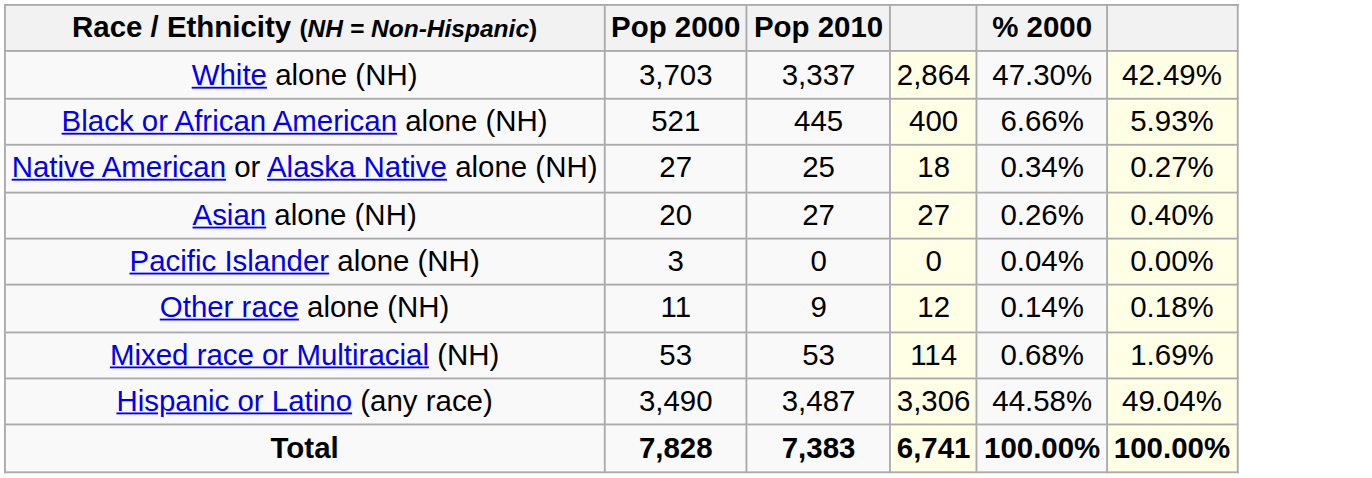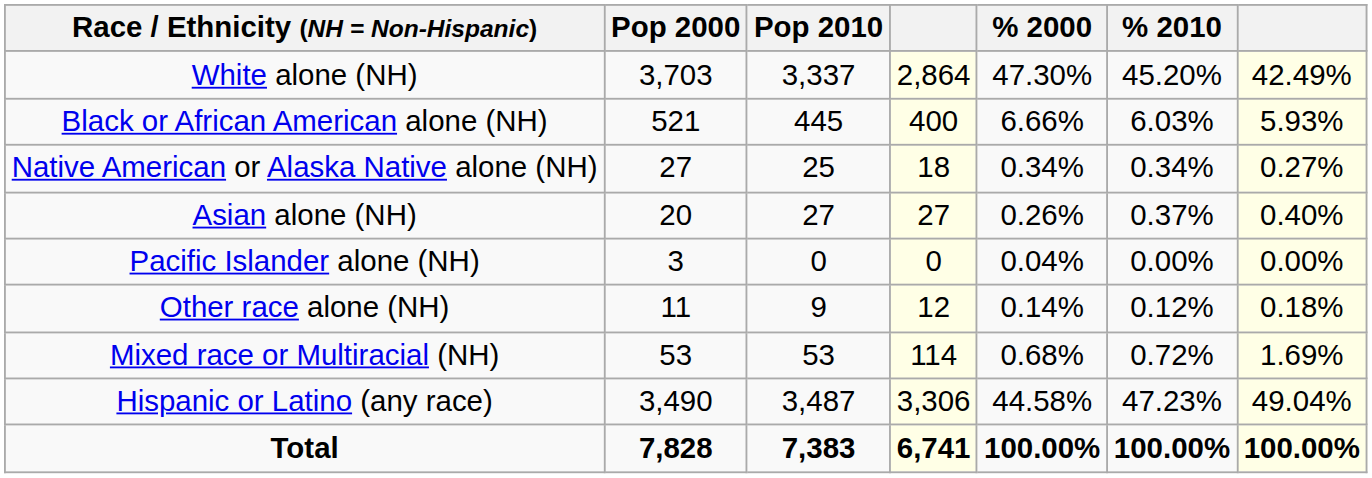 <table class="wikitable" style="text-align:center;">
 <tr>
 <th>Race / Ethnicity <small>(<em>NH = Non-Hispanic</em>)</small></th>
 <th>Pop 2000</th>
 <th>Pop 2010</th>
 <th></th>
 <th>% 2000</th>
+<th>% 2010</th>
 <th></th>
 </tr>
 <tr>
 <td><a href='#'>White</a> alone (NH)</td>
 <td>3,703</td>
 <td>3,337</td>
 <td style='background: #ffffe6;'>2,864</td>
 <td>47.30%</td>
+<td>45.20%</td>
 <td style='background: #ffffe6;'>42.49%</td>
 </tr>
 <tr>
 <td><a href='#'>Black or African American</a> alone (NH)</td>
 <td>521</td>
 <td>445</td>
 <td style='background: #ffffe6;'>400</td>
 <td>6.66%</td>
+<td>6.03%</td>
 <td style='background: #ffffe6;'>5.93%</td>
 </tr>
 <tr>
 <td><a href='#'>Native American</a> or <a href='#'>Alaska Native</a> alone (NH)</td>
 <td>27</td>
 <td>25</td>
 <td style='background: #ffffe6;'>18</td>
+<td>0.34%</td>
 <td>0.34%</td>
 <td style='background: #ffffe6;'>0.27%</td>
 </tr>
 <tr>
 <td><a href='#'>Asian</a> alone (NH)</td>
 <td>20</td>
 <td>27</td>
 <td style='background: #ffffe6;'>27</td>
 <td>0.26%</td>
+<td>0.37%</td>
 <td style='background: #ffffe6;'>0.40%</td>
 </tr>
 <tr>
 <td><a href='#'>Pacific Islander</a> alone (NH)</td>
 <td>3</td>
 <td>0</td>
 <td style='background: #ffffe6;'>0</td>
 <td>0.04%</td>
+<td>0.00%</td>
 <td style='background: #ffffe6;'>0.00%</td>
 </tr>
 <tr>
 <td><a href='#'>Other race</a> alone (NH)</td>
 <td>11</td>
 <td>9</td>
 <td style='background: #ffffe6;'>12</td>
 <td>0.14%</td>
+<td>0.12%</td>
 <td style='background: #ffffe6;'>0.18%</td>
 </tr>
 <tr>
 <td><a href='#'>Mixed race or Multiracial</a> (NH)</td>
 <td>53</td>
 <td>53</td>
 <td style='background: #ffffe6;'>114</td>
 <td>0.68%</td>
+<td>0.72%</td>
 <td style='background: #ffffe6;'>1.69%</td>
 </tr>
 <tr>
 <td><a href='#'>Hispanic or Latino</a> (any race)</td>
 <td>3,490</td>
 <td>3,487</td>
 <td style='background: #ffffe6;'>3,306</td>
 <td>44.58%</td>
+<td>47.23%</td>
 <td style='background: #ffffe6;'>49.04%</td>
 </tr>
 <tr>
 <td><strong>Total</strong></td>
 <td><strong>7,828</strong></td>
 <td><strong>7,383</strong></td>
 <td style='background: #ffffe6;'><strong>6,741</strong></td>
 <td><strong>100.00%</strong></td>
+<td><strong>100.00%</strong></td>
 <td style='background: #ffffe6;'><strong>100.00%</strong></td>
 </tr>
 </table>
